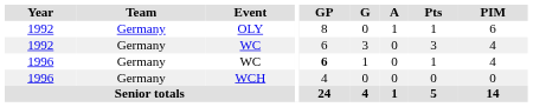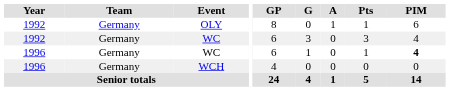 <table border="0" cellpadding="1" cellspacing="0" ID="Table3" style="text-align:center; width:40em">
 <tr bgcolor="#e0e0e0">
 <th>Year</th>
 <th>Team</th>
 <th>Event</th>
 <th rowspan="102" bgcolor="#ffffff"></th>
 <th>GP</th>
 <th>G</th>
 <th>A</th>
 <th>Pts</th>
 <th>PIM</th>
 </tr>
 <tr>
 <td><a href='#'>1992</a></td>
 <td><a href='#'>Germany</a></td>
 <td><a href='#'>OLY</a></td>
 <td>8</td>
 <td>0</td>
 <td>1</td>
 <td>1</td>
 <td>6</td>
 </tr>
 <tr bgcolor="#f0f0f0">
 <td><a href='#'>1992</a></td>
 <td>Germany</td>
 <td><a href='#'>WC</a></td>
 <td>6</td>
 <td>3</td>
 <td>0</td>
 <td>3</td>
 <td>4</td>
 </tr>
 <tr>
 <td><a href='#'>1996</a></td>
 <td>Germany</td>
 <td>WC</td>
-<td><strong>6</strong></td>
+<td>6</td>
 <td>1</td>
 <td>0</td>
 <td>1</td>
-<td>4</td>
+<td><strong>4</strong></td>
 </tr>
 <tr bgcolor="#f0f0f0">
 <td><a href='#'>1996</a></td>
 <td>Germany</td>
 <td><a href='#'>WCH</a></td>
 <td>4</td>
 <td>0</td>
 <td>0</td>
 <td>0</td>
 <td>0</td>
 </tr>
 <tr bgcolor="#e0e0e0">
 <th colspan="3">Senior totals</th>
 <th>24</th>
 <th>4</th>
 <th>1</th>
 <th>5</th>
 <th>14</th>
 </tr>
 </table>
